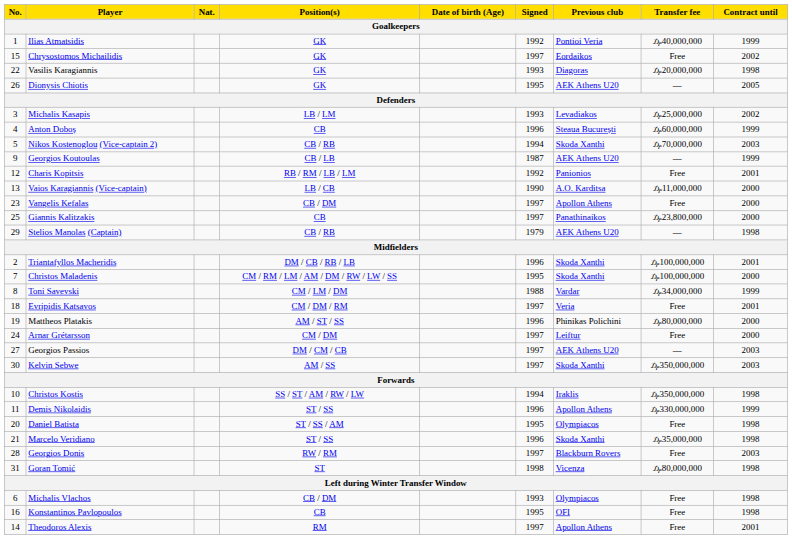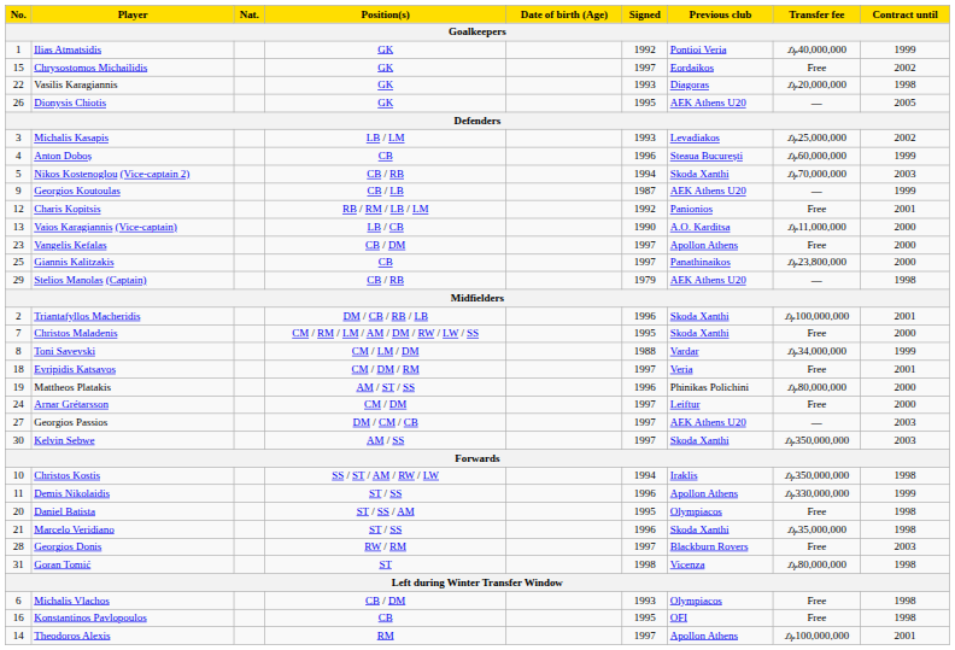 <table class="wikitable" style="text-align:center; font-size:90%; width:100%">
 <tr>
 <th style="background:#FFDE00">No.</th>
 <th style="background:#FFDE00">Player</th>
 <th style="background:#FFDE00">Nat.</th>
 <th style="background:#FFDE00">Position(s)</th>
 <th style="background:#FFDE00">Date of birth (Age)</th>
 <th style="background:#FFDE00">Signed</th>
 <th style="background:#FFDE00">Previous club</th>
 <th style="background:#FFDE00">Transfer fee</th>
 <th style="background:#FFDE00">Contract until</th>
 </tr>
 <tr>
 <th colspan="9">Goalkeepers</th>
 </tr>
 <tr>
 <td>1</td>
 <td align=left><a href='#'>Ilias Atmatsidis</a></td>
 <td></td>
 <td><a href='#'>GK</a></td>
 <td></td>
 <td>1992</td>
 <td align=left> <a href='#'>Pontioi Veria</a></td>
 <td>₯40,000,000</td>
 <td>1999</td>
 </tr>
 <tr>
 <td>15</td>
 <td align=left><a href='#'>Chrysostomos Michailidis</a></td>
 <td></td>
 <td><a href='#'>GK</a></td>
 <td></td>
 <td>1997</td>
 <td align=left> <a href='#'>Eordaikos</a></td>
 <td>Free</td>
 <td>2002</td>
 </tr>
 <tr>
 <td>22</td>
 <td align=left>Vasilis Karagiannis</td>
 <td></td>
 <td><a href='#'>GK</a></td>
 <td></td>
 <td>1993</td>
 <td align=left> <a href='#'>Diagoras</a></td>
 <td>₯20,000,000</td>
 <td>1998</td>
 </tr>
 <tr>
 <td>26</td>
 <td align=left><a href='#'>Dionysis Chiotis</a></td>
 <td></td>
 <td><a href='#'>GK</a></td>
 <td></td>
 <td>1995</td>
 <td align=left> <a href='#'>AEK Athens U20</a></td>
 <td>—</td>
 <td>2005</td>
 </tr>
 <tr>
 <th colspan="9">Defenders</th>
 </tr>
 <tr>
 <td>3</td>
 <td align=left><a href='#'>Michalis Kasapis</a></td>
 <td></td>
 <td><a href='#'>LB</a> / <a href='#'>LM</a></td>
 <td></td>
 <td>1993</td>
 <td align=left> <a href='#'>Levadiakos</a></td>
 <td>₯25,000,000</td>
 <td>2002</td>
 </tr>
 <tr>
 <td>4</td>
 <td align=left><a href='#'>Anton Doboș</a></td>
 <td></td>
 <td><a href='#'>CB</a></td>
 <td></td>
 <td>1996</td>
 <td align=left> <a href='#'>Steaua București</a></td>
 <td>₯60,000,000</td>
 <td>1999</td>
 </tr>
 <tr>
 <td>5</td>
 <td align=left><a href='#'>Nikos Kostenoglou</a> <a href='#'>(Vice-captain 2)</a></td>
 <td></td>
 <td><a href='#'>CB</a> / <a href='#'>RB</a></td>
 <td></td>
 <td>1994</td>
 <td align=left> <a href='#'>Skoda Xanthi</a></td>
 <td>₯70,000,000</td>
 <td>2003</td>
 </tr>
 <tr>
 <td>9</td>
 <td align=left><a href='#'>Georgios Koutoulas</a></td>
 <td></td>
 <td><a href='#'>CB</a> / <a href='#'>LB</a></td>
 <td></td>
 <td>1987</td>
 <td align=left> <a href='#'>AEK Athens U20</a></td>
 <td>—</td>
 <td>1999</td>
 </tr>
 <tr>
 <td>12</td>
 <td align=left><a href='#'>Charis Kopitsis</a></td>
 <td></td>
 <td><a href='#'>RB</a> / <a href='#'>RM</a> / <a href='#'>LB</a> / <a href='#'>LM</a></td>
 <td></td>
 <td>1992</td>
 <td align=left> <a href='#'>Panionios</a></td>
 <td>Free</td>
 <td>2001</td>
 </tr>
 <tr>
 <td>13</td>
 <td align=left><a href='#'>Vaios Karagiannis</a> <a href='#'>(Vice-captain)</a></td>
 <td></td>
 <td><a href='#'>LB</a> / <a href='#'>CB</a></td>
 <td></td>
 <td>1990</td>
 <td align=left> <a href='#'>A.O. Karditsa</a></td>
 <td>₯11,000,000</td>
 <td>2000</td>
 </tr>
 <tr>
 <td>23</td>
 <td align=left><a href='#'>Vangelis Kefalas</a></td>
 <td></td>
 <td><a href='#'>CB</a> / <a href='#'>DM</a></td>
 <td></td>
 <td>1997</td>
 <td align=left> <a href='#'>Apollon Athens</a></td>
 <td>Free</td>
 <td>2000</td>
 </tr>
 <tr>
 <td>25</td>
 <td align=left><a href='#'>Giannis Kalitzakis</a></td>
 <td></td>
 <td><a href='#'>CB</a></td>
 <td></td>
 <td>1997</td>
 <td align=left> <a href='#'>Panathinaikos</a></td>
 <td>₯23,800,000</td>
 <td>2000</td>
 </tr>
 <tr>
 <td>29</td>
 <td align=left><a href='#'>Stelios Manolas</a> <a href='#'>(Captain)</a></td>
 <td></td>
 <td><a href='#'>CB</a> / <a href='#'>RB</a></td>
 <td></td>
 <td>1979</td>
 <td align=left> <a href='#'>AEK Athens U20</a></td>
 <td>—</td>
 <td>1998</td>
 </tr>
 <tr>
 <th colspan="9">Midfielders</th>
 </tr>
 <tr>
 <td>2</td>
 <td align=left><a href='#'>Triantafyllos Macheridis</a></td>
 <td></td>
 <td><a href='#'>DM</a> / <a href='#'>CB</a> / <a href='#'>RB</a> / <a href='#'>LB</a></td>
 <td></td>
 <td>1996</td>
 <td align=left> <a href='#'>Skoda Xanthi</a></td>
 <td>₯100,000,000</td>
 <td>2001</td>
 </tr>
 <tr>
 <td>7</td>
 <td align=left><a href='#'>Christos Maladenis</a></td>
 <td></td>
 <td><a href='#'>CM</a> / <a href='#'>RM</a> / <a href='#'>LM</a> / <a href='#'>AM</a> / <a href='#'>DM</a> / <a href='#'>RW</a> / <a href='#'>LW</a> / <a href='#'>SS</a></td>
 <td></td>
 <td>1995</td>
 <td align=left> <a href='#'>Skoda Xanthi</a></td>
-<td>₯100,000,000</td>
+<td>Free</td>
 <td>2000</td>
 </tr>
 <tr>
 <td>8</td>
 <td align=left><a href='#'>Toni Savevski</a></td>
 <td></td>
 <td><a href='#'>CM</a> / <a href='#'>LM</a> / <a href='#'>DM</a></td>
 <td></td>
 <td>1988</td>
 <td align=left> <a href='#'>Vardar</a></td>
 <td>₯34,000,000</td>
 <td>1999</td>
 </tr>
 <tr>
 <td>18</td>
 <td align=left><a href='#'>Evripidis Katsavos</a></td>
 <td></td>
 <td><a href='#'>CM</a> / <a href='#'>DM</a> / <a href='#'>RM</a></td>
 <td></td>
 <td>1997</td>
 <td align=left> <a href='#'>Veria</a></td>
 <td>Free</td>
 <td>2001</td>
 </tr>
 <tr>
 <td>19</td>
 <td align=left>Mattheos Platakis</td>
 <td></td>
 <td><a href='#'>AM</a> / <a href='#'>ST</a> / <a href='#'>SS</a></td>
 <td></td>
 <td>1996</td>
 <td align=left> Phinikas Polichini</td>
 <td>₯80,000,000</td>
 <td>2000</td>
 </tr>
 <tr>
 <td>24</td>
 <td align=left><a href='#'>Arnar Grétarsson</a></td>
 <td></td>
 <td><a href='#'>CM</a> / <a href='#'>DM</a></td>
 <td></td>
 <td>1997</td>
 <td align=left> <a href='#'>Leiftur</a></td>
 <td>Free</td>
 <td>2000</td>
 </tr>
 <tr>
 <td>27</td>
 <td align=left>Georgios Passios</td>
 <td></td>
 <td><a href='#'>DM</a> / <a href='#'>CM</a> / <a href='#'>CB</a></td>
 <td></td>
 <td>1997</td>
 <td align=left> <a href='#'>AEK Athens U20</a></td>
 <td>—</td>
 <td>2003</td>
 </tr>
 <tr>
 <td>30</td>
 <td align=left><a href='#'>Kelvin Sebwe</a></td>
 <td></td>
 <td><a href='#'>AM</a> / <a href='#'>SS</a></td>
 <td></td>
 <td>1997</td>
 <td align=left> <a href='#'>Skoda Xanthi</a></td>
 <td>₯350,000,000</td>
 <td>2003</td>
 </tr>
 <tr>
 <th colspan="9">Forwards</th>
 </tr>
 <tr>
 <td>10</td>
 <td align=left><a href='#'>Christos Kostis</a></td>
 <td></td>
 <td><a href='#'>SS</a> / <a href='#'>ST</a> / <a href='#'>AM</a> / <a href='#'>RW</a> / <a href='#'>LW</a></td>
 <td></td>
 <td>1994</td>
 <td align=left> <a href='#'>Iraklis</a></td>
 <td>₯350,000,000</td>
 <td>1998</td>
 </tr>
 <tr>
 <td>11</td>
 <td align=left><a href='#'>Demis Nikolaidis</a></td>
 <td></td>
 <td><a href='#'>ST</a> / <a href='#'>SS</a></td>
 <td></td>
 <td>1996</td>
 <td align=left> <a href='#'>Apollon Athens</a></td>
 <td>₯330,000,000</td>
 <td>1999</td>
 </tr>
 <tr>
 <td>20</td>
 <td align=left><a href='#'>Daniel Batista</a></td>
 <td></td>
 <td><a href='#'>ST</a> / <a href='#'>SS</a> / <a href='#'>AM</a></td>
 <td></td>
 <td>1995</td>
 <td align=left> <a href='#'>Olympiacos</a></td>
 <td>Free</td>
 <td>1998</td>
 </tr>
 <tr>
 <td>21</td>
 <td align=left><a href='#'>Marcelo Veridiano</a></td>
 <td></td>
 <td><a href='#'>ST</a> / <a href='#'>SS</a></td>
 <td></td>
 <td>1996</td>
 <td align=left> <a href='#'>Skoda Xanthi</a></td>
 <td>₯35,000,000</td>
 <td>1998</td>
 </tr>
 <tr>
 <td>28</td>
 <td align=left><a href='#'>Georgios Donis</a></td>
 <td></td>
 <td><a href='#'>RW</a> / <a href='#'>RM</a></td>
 <td></td>
 <td>1997</td>
 <td align=left> <a href='#'>Blackburn Rovers</a></td>
 <td>Free</td>
 <td>2003</td>
 </tr>
 <tr>
 <td>31</td>
 <td align=left><a href='#'>Goran Tomić</a></td>
 <td></td>
 <td><a href='#'>ST</a></td>
 <td></td>
 <td>1998</td>
 <td align=left> <a href='#'>Vicenza</a></td>
 <td>₯80,000,000</td>
 <td>1998</td>
 </tr>
 <tr>
 <th colspan="9">Left during Winter Transfer Window</th>
 </tr>
 <tr>
 <td>6</td>
 <td align=left><a href='#'>Michalis Vlachos</a></td>
 <td></td>
 <td><a href='#'>CB</a> / <a href='#'>DM</a></td>
 <td></td>
 <td>1993</td>
 <td align=left> <a href='#'>Olympiacos</a></td>
 <td>Free</td>
 <td>1998</td>
 </tr>
 <tr>
 <td>16</td>
 <td align=left><a href='#'>Konstantinos Pavlopoulos</a></td>
 <td></td>
 <td><a href='#'>CB</a></td>
 <td></td>
 <td>1995</td>
 <td align=left> <a href='#'>OFI</a></td>
 <td>Free</td>
 <td>1998</td>
 </tr>
 <tr>
 <td>14</td>
 <td align=left><a href='#'>Theodoros Alexis</a></td>
 <td></td>
 <td><a href='#'>RM</a></td>
 <td></td>
 <td>1997</td>
 <td align=left> <a href='#'>Apollon Athens</a></td>
-<td>Free</td>
+<td>₯100,000,000</td>
 <td>2001</td>
 </tr>
 </table>
